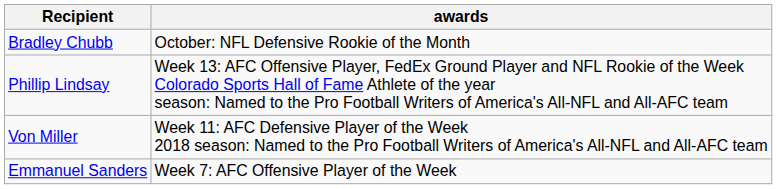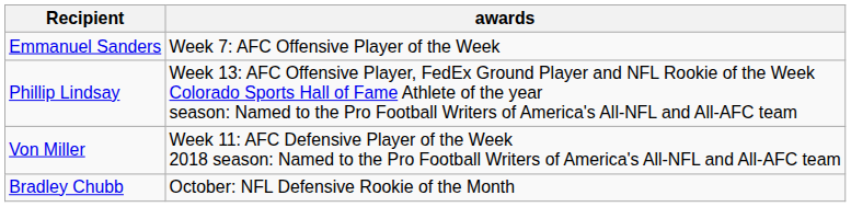 <table class="wikitable">
 <tr>
 <th>Recipient</th>
 <th>awards</th>
 </tr>
 <tr>
-<td><a href='#'>Bradley Chubb</a></td>
-<td>October: NFL Defensive Rookie of the Month</td>
+<td><a href='#'>Emmanuel Sanders</a></td>
+<td>Week 7: AFC Offensive Player of the Week</td>
 </tr>
 <tr>
 <td><a href='#'>Phillip Lindsay</a></td>
 <td>Week 13: AFC Offensive Player, FedEx Ground Player and NFL Rookie of the Week<br><a href='#'>Colorado Sports Hall of Fame</a> Athlete of the year<br> season: Named to the Pro Football Writers of America's All-NFL and All-AFC team</td>
 </tr>
 <tr>
 <td><a href='#'>Von Miller</a></td>
 <td>Week 11: AFC Defensive Player of the Week<br>2018 season: Named to the Pro Football Writers of America's All-NFL and All-AFC team</td>
 </tr>
 <tr>
-<td><a href='#'>Emmanuel Sanders</a></td>
-<td>Week 7: AFC Offensive Player of the Week</td>
+<td><a href='#'>Bradley Chubb</a></td>
+<td>October: NFL Defensive Rookie of the Month</td>
 </tr>
 </table>
